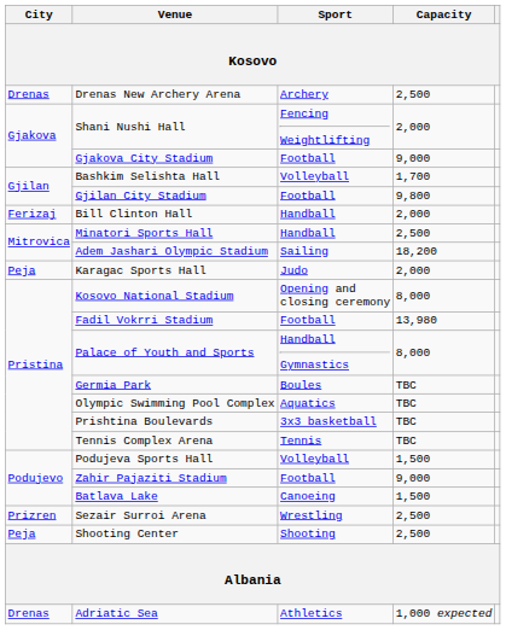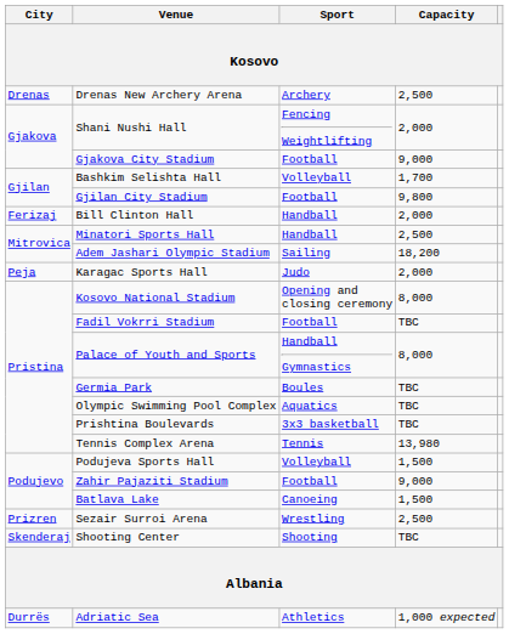 <table class="sortable wikitable">
 <tr>
 <th>City</th>
 <th colspan=2>Venue</th>
 <th>Sport</th>
 <th>Capacity</th>
 <th></th>
 </tr>
 <tr>
 <th colspan="6"><br><h3>Kosovo</h3></th>
 </tr>
 <tr>
 <td><a href='#'>Drenas</a></td>
 <td colspan=2>Drenas New Archery Arena</td>
 <td><a href='#'>Archery</a></td>
 <td>2,500</td>
 <td></td>
 </tr>
 <tr>
 <td rowspan=2><a href='#'>Gjakova</a></td>
 <td colspan=2>Shani Nushi Hall</td>
 <td><a href='#'>Fencing</a><hr><a href='#'>Weightlifting</a></td>
 <td>2,000</td>
 <td></td>
 </tr>
 <tr>
 <td colspan=2><a href='#'>Gjakova City Stadium</a></td>
 <td><a href='#'>Football</a></td>
 <td>9,000</td>
 <td></td>
 </tr>
 <tr>
 <td rowspan=2><a href='#'>Gjilan</a></td>
 <td colspan=2>Bashkim Selishta Hall</td>
 <td><a href='#'>Volleyball</a></td>
 <td>1,700</td>
 <td></td>
 </tr>
 <tr>
 <td colspan=2><a href='#'>Gjilan City Stadium</a></td>
 <td><a href='#'>Football</a></td>
 <td>9,800</td>
 <td></td>
 </tr>
 <tr>
 <td><a href='#'>Ferizaj</a></td>
 <td colspan=2>Bill Clinton Hall</td>
 <td><a href='#'>Handball</a></td>
 <td>2,000</td>
 <td></td>
 </tr>
 <tr>
 <td rowspan=2><a href='#'>Mitrovica</a></td>
 <td colspan=2><a href='#'>Minatori Sports Hall</a></td>
 <td><a href='#'>Handball</a></td>
 <td>2,500</td>
 <td></td>
 </tr>
 <tr>
 <td colspan=2><a href='#'>Adem Jashari Olympic Stadium</a></td>
 <td><a href='#'>Sailing</a></td>
 <td>18,200</td>
 <td></td>
 </tr>
 <tr>
 <td><a href='#'>Peja</a></td>
 <td colspan=2>Karagac Sports Hall</td>
 <td><a href='#'>Judo</a></td>
 <td>2,000</td>
 <td></td>
 </tr>
 <tr>
 <td rowspan=7><a href='#'>Pristina</a></td>
 <td colspan=2><a href='#'>Kosovo National Stadium</a></td>
 <td><a href='#'>Opening</a> and<br>closing ceremony</td>
 <td>8,000</td>
 <td></td>
 </tr>
 <tr>
 <td colspan=2><a href='#'>Fadil Vokrri Stadium</a></td>
 <td><a href='#'>Football</a></td>
-<td>13,980</td>
+<td>TBC</td>
 <td></td>
 </tr>
 <tr>
 <td colspan=2><a href='#'>Palace of Youth and Sports</a></td>
 <td><a href='#'>Handball</a><hr><a href='#'>Gymnastics</a></td>
 <td>8,000</td>
 <td></td>
 </tr>
 <tr>
 <td colspan=2><a href='#'>Germia Park</a></td>
 <td><a href='#'>Boules</a></td>
 <td>TBC</td>
 <td></td>
 </tr>
 <tr>
 <td colspan=2>Olympic Swimming Pool Complex</td>
 <td><a href='#'>Aquatics</a></td>
 <td>TBC</td>
 <td></td>
 </tr>
 <tr>
 <td colspan=2>Prishtina Boulevards</td>
 <td><a href='#'>3x3 basketball</a></td>
 <td>TBC</td>
 <td></td>
 </tr>
 <tr>
 <td colspan=2>Tennis Complex Arena</td>
 <td><a href='#'>Tennis</a></td>
-<td>TBC</td>
+<td>13,980</td>
 <td></td>
 </tr>
 <tr>
 <td rowspan=3><a href='#'>Podujevo</a></td>
 <td colspan=2>Podujeva Sports Hall</td>
 <td><a href='#'>Volleyball</a></td>
 <td>1,500</td>
 <td></td>
 </tr>
 <tr>
 <td colspan=2><a href='#'>Zahir Pajaziti Stadium</a></td>
 <td><a href='#'>Football</a></td>
 <td>9,000</td>
 <td></td>
 </tr>
 <tr>
 <td colspan=2><a href='#'>Batlava Lake</a></td>
 <td><a href='#'>Canoeing</a></td>
 <td>1,500</td>
 <td></td>
 </tr>
 <tr>
 <td><a href='#'>Prizren</a></td>
 <td colspan=2>Sezair Surroi Arena</td>
 <td><a href='#'>Wrestling</a></td>
 <td>2,500</td>
 <td></td>
 </tr>
 <tr>
-<td><a href='#'>Peja</a></td>
+<td><a href='#'>Skenderaj</a></td>
 <td colspan=2>Shooting Center</td>
 <td><a href='#'>Shooting</a></td>
-<td>2,500</td>
+<td>TBC</td>
 <td></td>
 </tr>
 <tr>
 <th colspan="6"><br><h3>Albania</h3></th>
 </tr>
 <tr>
-<td><a href='#'>Drenas</a></td>
+<td><a href='#'>Durrës</a></td>
 <td colspan=2><a href='#'>Adriatic Sea</a></td>
 <td><a href='#'>Athletics</a></td>
 <td>1,000 <em>expected</em></td>
 <td></td>
 </tr>
 </table>
